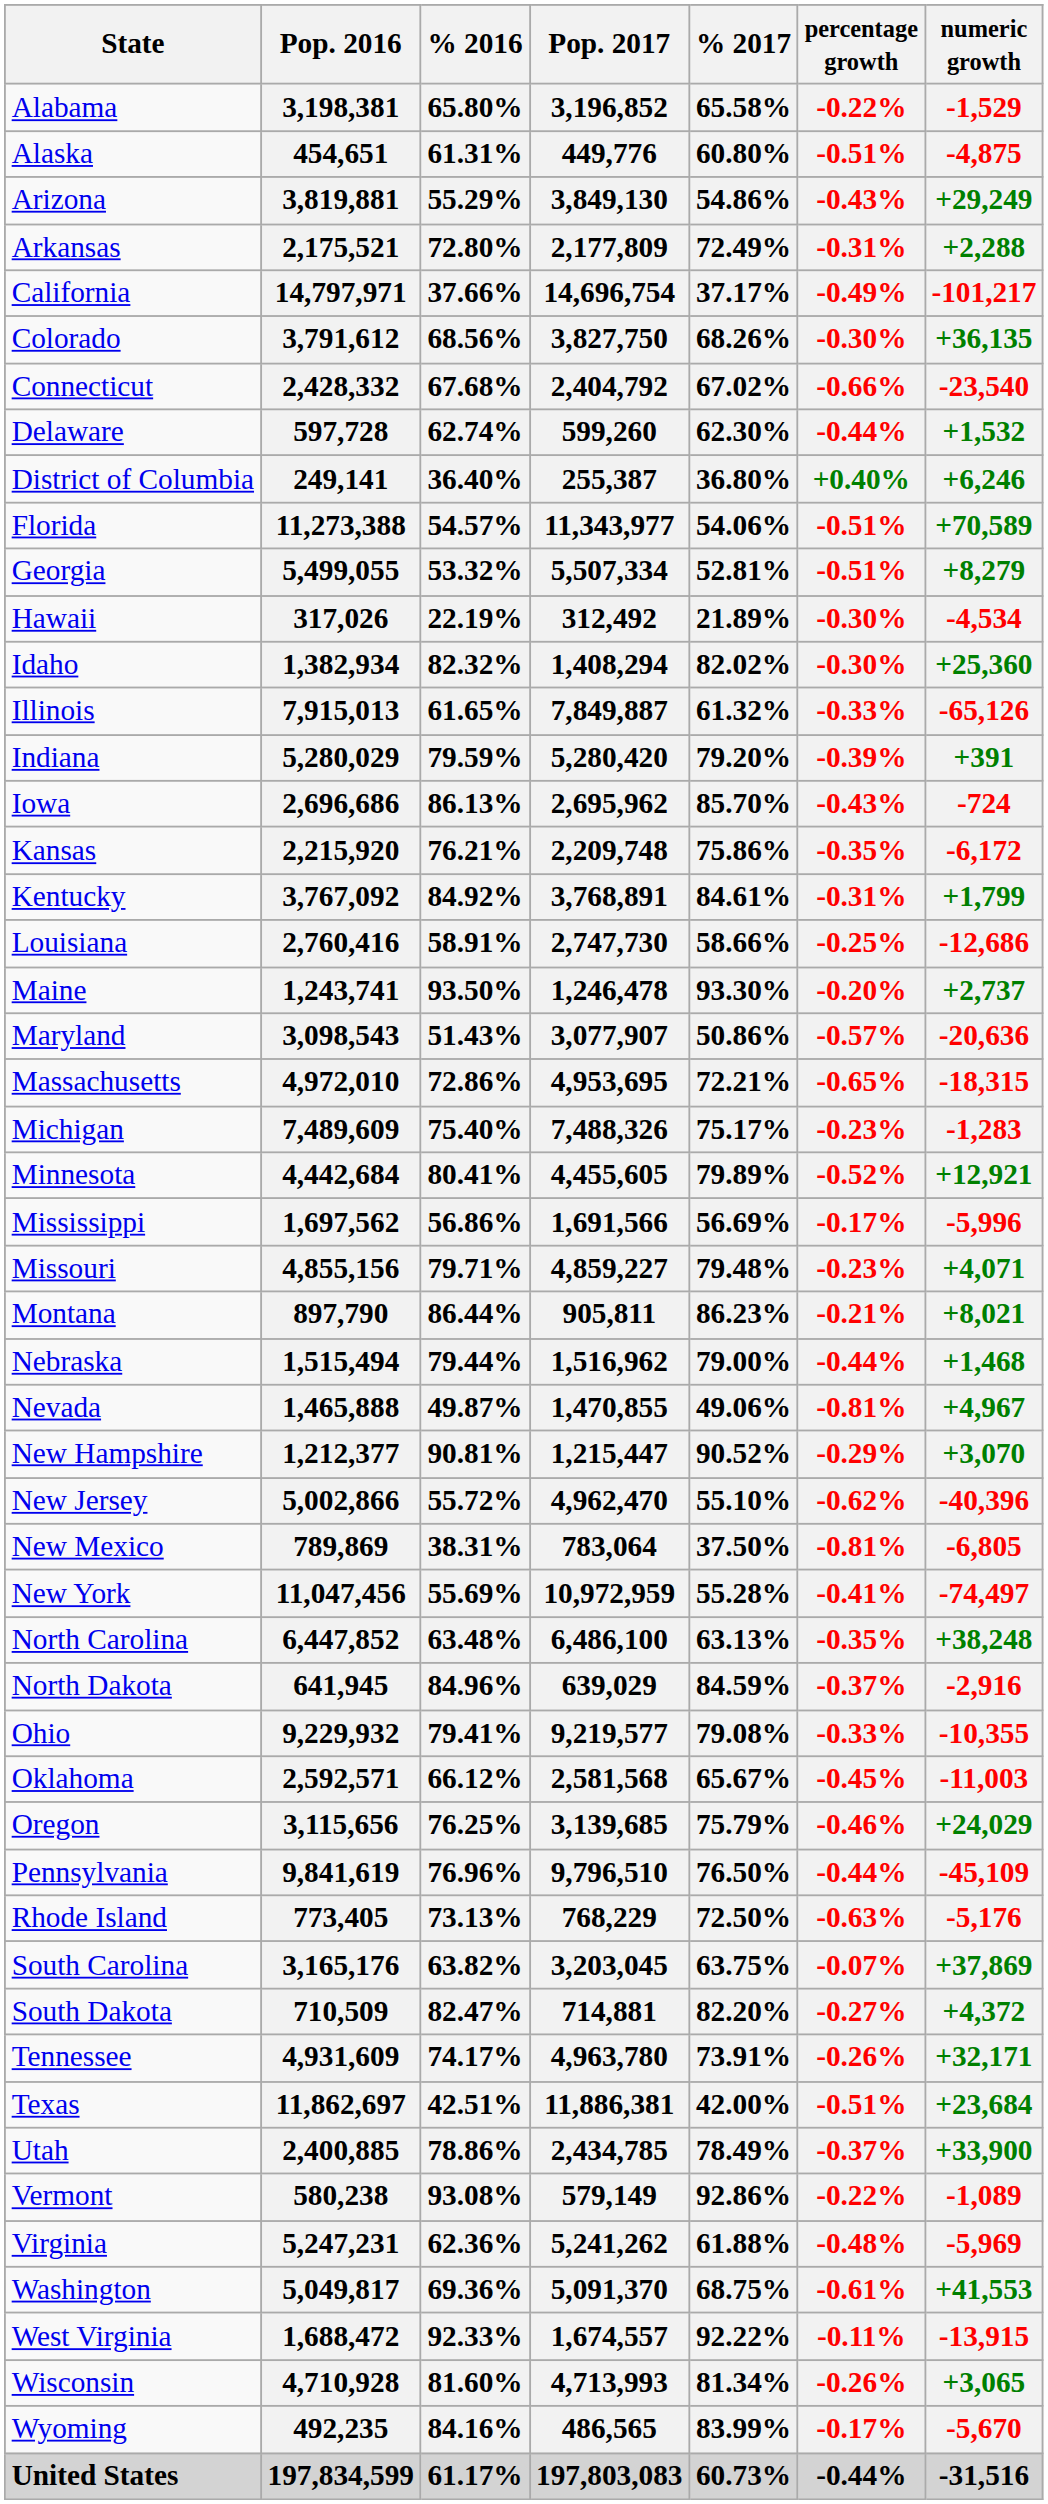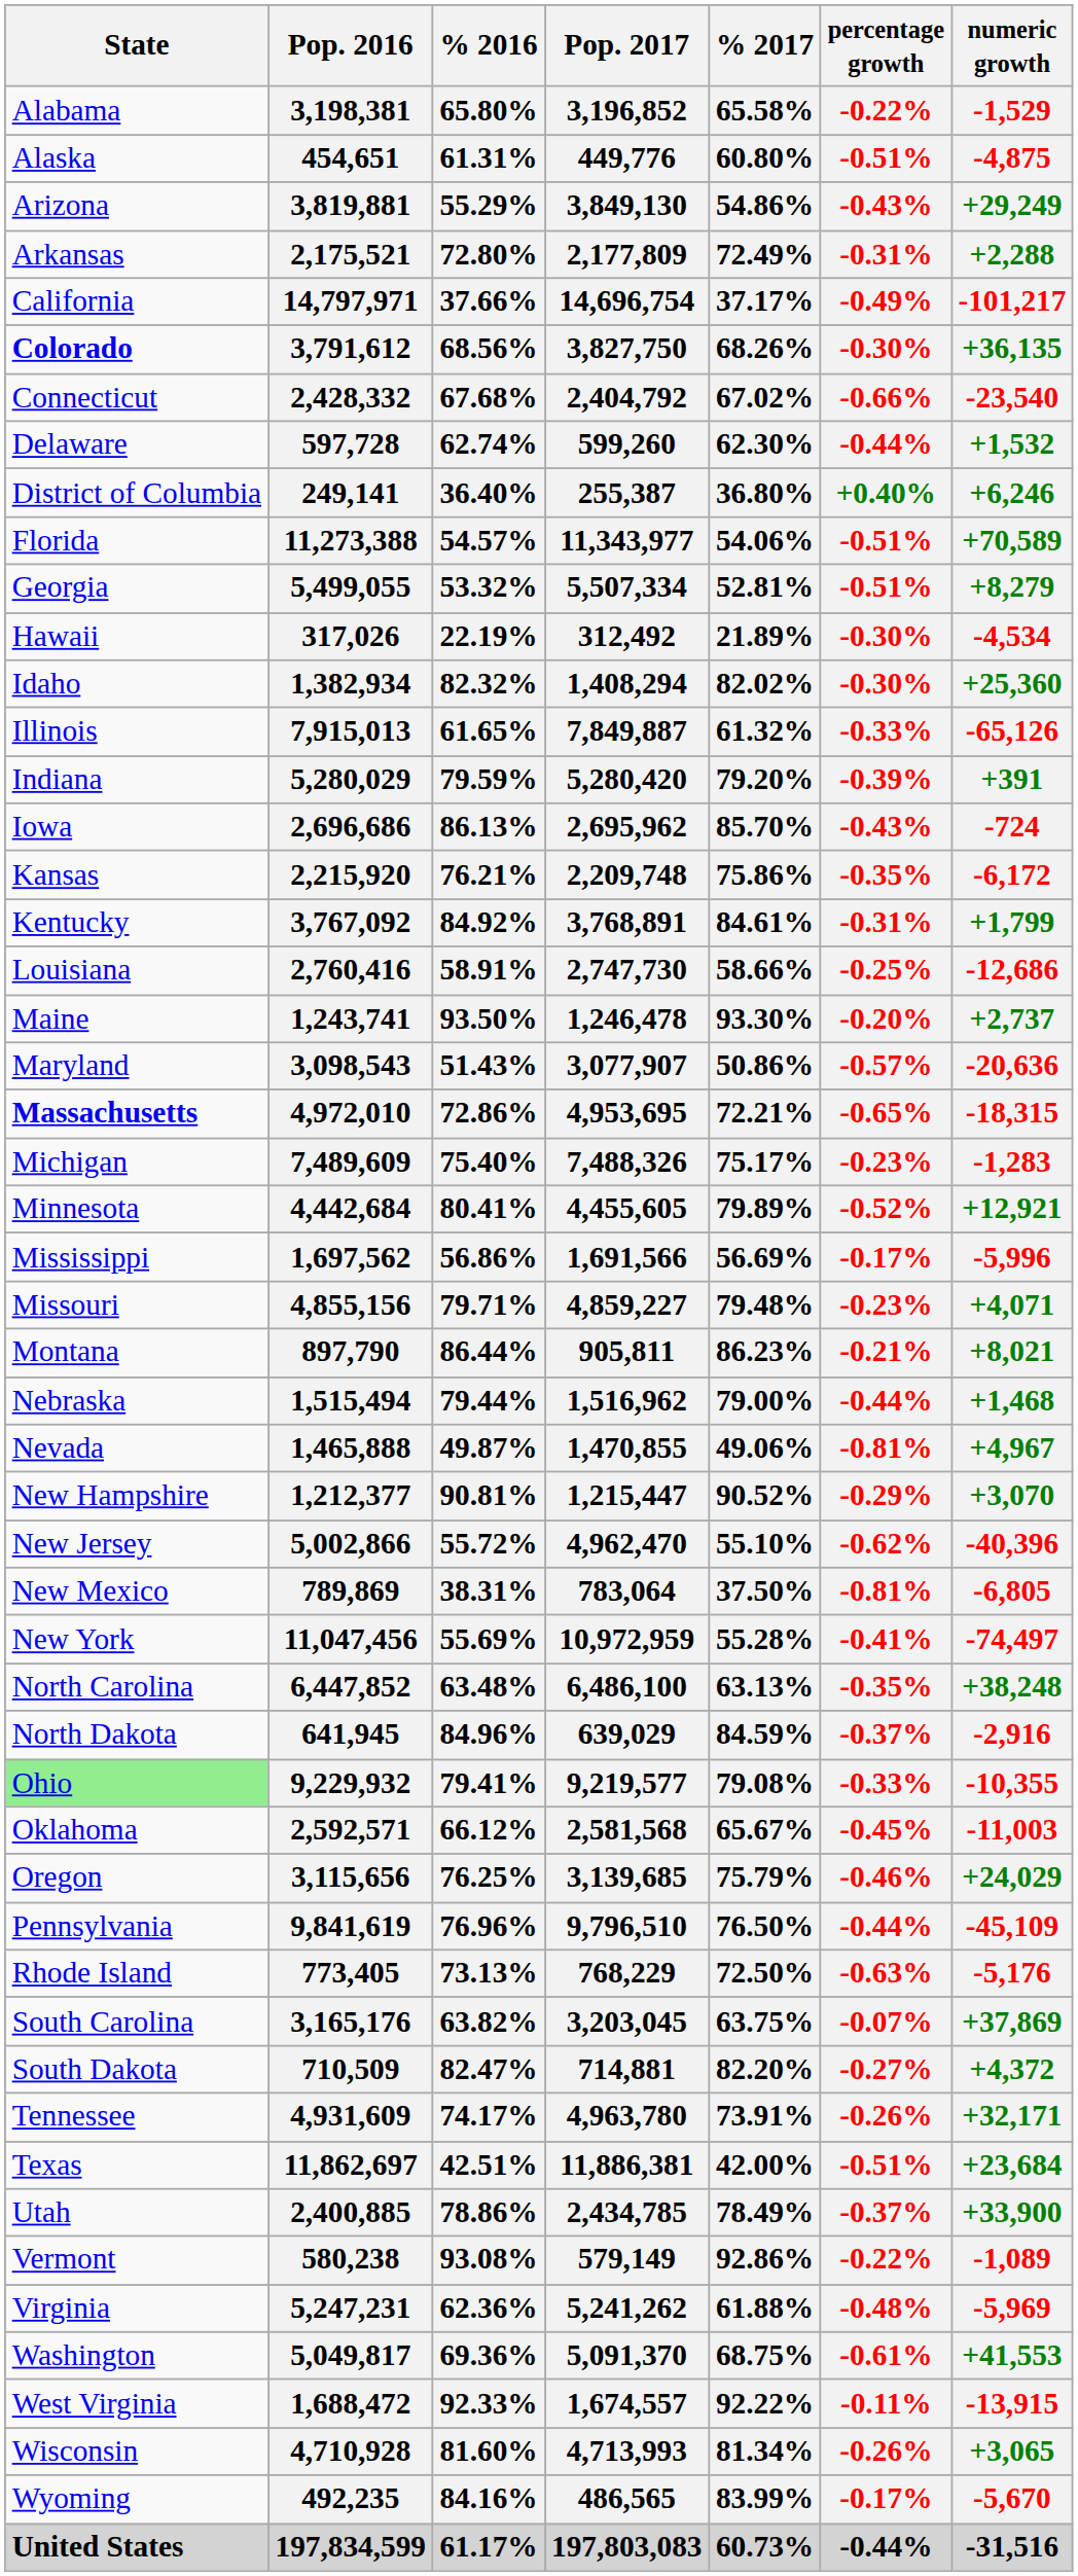 <table class="wikitable sortable mw-collapsible mw-collapsed font-size: 75%;">
 <tr>
 <th>State</th>
 <th>Pop. 2016</th>
 <th>% 2016</th>
 <th>Pop. 2017</th>
 <th>% 2017</th>
 <th><small>percentage<br>growth</small></th>
 <th><small>numeric<br>growth</small></th>
 </tr>
 <tr>
 <td>  <a href='#'>Alabama</a></td>
 <th>3,198,381</th>
 <th>65.80%</th>
 <th>3,196,852</th>
 <th>65.58%</th>
 <th style="color: red">-0.22%</th>
 <th style="color: red">-1,529</th>
 </tr>
 <tr>
 <td>  <a href='#'>Alaska</a></td>
 <th>454,651</th>
 <th>61.31%</th>
 <th>449,776</th>
 <th>60.80%</th>
 <th style="color: red">-0.51%</th>
 <th style="color: red">-4,875</th>
 </tr>
 <tr>
 <td> <a href='#'>Arizona</a></td>
 <th>3,819,881</th>
 <th>55.29%</th>
 <th>3,849,130</th>
 <th>54.86%</th>
 <th style="color: red">-0.43%</th>
 <th style="color: green">+29,249</th>
 </tr>
 <tr>
 <td>  <a href='#'>Arkansas</a></td>
 <th>2,175,521</th>
 <th>72.80%</th>
 <th>2,177,809</th>
 <th>72.49%</th>
 <th style="color: red">-0.31%</th>
 <th style="color: green">+2,288</th>
 </tr>
 <tr>
 <td> <a href='#'>California</a></td>
 <th>14,797,971</th>
 <th>37.66%</th>
 <th>14,696,754</th>
 <th>37.17%</th>
 <th style="color: red">-0.49%</th>
 <th style="color: red">-101,217</th>
 </tr>
 <tr>
-<td> <a href='#'>Colorado</a></td>
+<td><strong> <a href='#'>Colorado</a></strong></td>
 <th>3,791,612</th>
 <th>68.56%</th>
 <th>3,827,750</th>
 <th>68.26%</th>
 <th style="color: red">-0.30%</th>
 <th style="color: green">+36,135</th>
 </tr>
 <tr>
 <td>  <a href='#'>Connecticut</a></td>
 <th>2,428,332</th>
 <th>67.68%</th>
 <th>2,404,792</th>
 <th>67.02%</th>
 <th style="color: red">-0.66%</th>
 <th style="color: red">-23,540</th>
 </tr>
 <tr>
 <td>  <a href='#'>Delaware</a></td>
 <th>597,728</th>
 <th>62.74%</th>
 <th>599,260</th>
 <th>62.30%</th>
 <th style="color: red">-0.44%</th>
 <th style="color: green">+1,532</th>
 </tr>
 <tr>
 <td> <a href='#'>District of Columbia</a></td>
 <th>249,141</th>
 <th>36.40%</th>
 <th>255,387</th>
 <th>36.80%</th>
 <th style="color: green">+0.40%</th>
 <th style="color: green">+6,246</th>
 </tr>
 <tr>
 <td> <a href='#'>Florida</a></td>
 <th>11,273,388</th>
 <th>54.57%</th>
 <th>11,343,977</th>
 <th>54.06%</th>
 <th style="color: red">-0.51%</th>
 <th style="color: green">+70,589</th>
 </tr>
 <tr>
 <td> <a href='#'>Georgia</a></td>
 <th>5,499,055</th>
 <th>53.32%</th>
 <th>5,507,334</th>
 <th>52.81%</th>
 <th style="color: red">-0.51%</th>
 <th style="color: green">+8,279</th>
 </tr>
 <tr>
 <td>  <a href='#'>Hawaii</a></td>
 <th>317,026</th>
 <th>22.19%</th>
 <th>312,492</th>
 <th>21.89%</th>
 <th style="color: red">-0.30%</th>
 <th style="color: red">-4,534</th>
 </tr>
 <tr>
 <td>  <a href='#'>Idaho</a></td>
 <th>1,382,934</th>
 <th>82.32%</th>
 <th>1,408,294</th>
 <th>82.02%</th>
 <th style="color: red">-0.30%</th>
 <th style="color: green">+25,360</th>
 </tr>
 <tr>
 <td>  <a href='#'>Illinois</a></td>
 <th>7,915,013</th>
 <th>61.65%</th>
 <th>7,849,887</th>
 <th>61.32%</th>
 <th style="color: red">-0.33%</th>
 <th style="color: red">-65,126</th>
 </tr>
 <tr>
 <td>  <a href='#'>Indiana</a></td>
 <th>5,280,029</th>
 <th>79.59%</th>
 <th>5,280,420</th>
 <th>79.20%</th>
 <th style="color: red">-0.39%</th>
 <th style="color: green">+391</th>
 </tr>
 <tr>
 <td>  <a href='#'>Iowa</a></td>
 <th>2,696,686</th>
 <th>86.13%</th>
 <th>2,695,962</th>
 <th>85.70%</th>
 <th style="color: red">-0.43%</th>
 <th style="color: red">-724</th>
 </tr>
 <tr>
 <td>  <a href='#'>Kansas</a></td>
 <th>2,215,920</th>
 <th>76.21%</th>
 <th>2,209,748</th>
 <th>75.86%</th>
 <th style="color: red">-0.35%</th>
 <th style="color: red">-6,172</th>
 </tr>
 <tr>
 <td>  <a href='#'>Kentucky</a></td>
 <th>3,767,092</th>
 <th>84.92%</th>
 <th>3,768,891</th>
 <th>84.61%</th>
 <th style="color: red">-0.31%</th>
 <th style="color: green">+1,799</th>
 </tr>
 <tr>
 <td>  <a href='#'>Louisiana</a></td>
 <th>2,760,416</th>
 <th>58.91%</th>
 <th>2,747,730</th>
 <th>58.66%</th>
 <th style="color: red">-0.25%</th>
 <th style="color: red">-12,686</th>
 </tr>
 <tr>
 <td>  <a href='#'>Maine</a></td>
 <th>1,243,741</th>
 <th>93.50%</th>
 <th>1,246,478</th>
 <th>93.30%</th>
 <th style="color: red">-0.20%</th>
 <th style="color: green">+2,737</th>
 </tr>
 <tr>
 <td>  <a href='#'>Maryland</a></td>
 <th>3,098,543</th>
 <th>51.43%</th>
 <th>3,077,907</th>
 <th>50.86%</th>
 <th style="color: red">-0.57%</th>
 <th style="color: red">-20,636</th>
 </tr>
 <tr>
-<td>  <a href='#'>Massachusetts</a></td>
+<td><strong>  <a href='#'>Massachusetts</a></strong></td>
 <th>4,972,010</th>
 <th>72.86%</th>
 <th>4,953,695</th>
 <th>72.21%</th>
 <th style="color: red">-0.65%</th>
 <th style="color: red">-18,315</th>
 </tr>
 <tr>
 <td>  <a href='#'>Michigan</a></td>
 <th>7,489,609</th>
 <th>75.40%</th>
 <th>7,488,326</th>
 <th>75.17%</th>
 <th style="color: red">-0.23%</th>
 <th style="color: red">-1,283</th>
 </tr>
 <tr>
 <td>  <a href='#'>Minnesota</a></td>
 <th>4,442,684</th>
 <th>80.41%</th>
 <th>4,455,605</th>
 <th>79.89%</th>
 <th style="color: red">-0.52%</th>
 <th style="color: green">+12,921</th>
 </tr>
 <tr>
 <td>  <a href='#'>Mississippi</a></td>
 <th>1,697,562</th>
 <th>56.86%</th>
 <th>1,691,566</th>
 <th>56.69%</th>
 <th style="color: red">-0.17%</th>
 <th style="color: red">-5,996</th>
 </tr>
 <tr>
 <td>  <a href='#'>Missouri</a></td>
 <th>4,855,156</th>
 <th>79.71%</th>
 <th>4,859,227</th>
 <th>79.48%</th>
 <th style="color: red">-0.23%</th>
 <th style="color: green">+4,071</th>
 </tr>
 <tr>
 <td>  <a href='#'>Montana</a></td>
 <th>897,790</th>
 <th>86.44%</th>
 <th>905,811</th>
 <th>86.23%</th>
 <th style="color: red">-0.21%</th>
 <th style="color: green">+8,021</th>
 </tr>
 <tr>
 <td>  <a href='#'>Nebraska</a></td>
 <th>1,515,494</th>
 <th>79.44%</th>
 <th>1,516,962</th>
 <th>79.00%</th>
 <th style="color: red">-0.44%</th>
 <th style="color: green">+1,468</th>
 </tr>
 <tr>
 <td> <a href='#'>Nevada</a></td>
 <th>1,465,888</th>
 <th>49.87%</th>
 <th>1,470,855</th>
 <th>49.06%</th>
 <th style="color: red">-0.81%</th>
 <th style="color: green">+4,967</th>
 </tr>
 <tr>
 <td>  <a href='#'>New Hampshire</a></td>
 <th>1,212,377</th>
 <th>90.81%</th>
 <th>1,215,447</th>
 <th>90.52%</th>
 <th style="color: red">-0.29%</th>
 <th style="color: green">+3,070</th>
 </tr>
 <tr>
 <td>  <a href='#'>New Jersey</a></td>
 <th>5,002,866</th>
 <th>55.72%</th>
 <th>4,962,470</th>
 <th>55.10%</th>
 <th style="color: red">-0.62%</th>
 <th style="color: red">-40,396</th>
 </tr>
 <tr>
 <td> <a href='#'>New Mexico</a></td>
 <th>789,869</th>
 <th>38.31%</th>
 <th>783,064</th>
 <th>37.50%</th>
 <th style="color: red">-0.81%</th>
 <th style="color: red">-6,805</th>
 </tr>
 <tr>
 <td>  <a href='#'>New York</a></td>
 <th>11,047,456</th>
 <th>55.69%</th>
 <th>10,972,959</th>
 <th>55.28%</th>
 <th style="color: red">-0.41%</th>
 <th style="color: red">-74,497</th>
 </tr>
 <tr>
 <td>  <a href='#'>North Carolina</a></td>
 <th>6,447,852</th>
 <th>63.48%</th>
 <th>6,486,100</th>
 <th>63.13%</th>
 <th style="color: red">-0.35%</th>
 <th style="color: green">+38,248</th>
 </tr>
 <tr>
 <td>  <a href='#'>North Dakota</a></td>
 <th>641,945</th>
 <th>84.96%</th>
 <th>639,029</th>
 <th>84.59%</th>
 <th style="color: red">-0.37%</th>
 <th style="color: red">-2,916</th>
 </tr>
 <tr>
-<td>  <a href='#'>Ohio</a></td>
+<td style="background: lightgreen;">  <a href='#'>Ohio</a></td>
 <th>9,229,932</th>
 <th>79.41%</th>
 <th>9,219,577</th>
 <th>79.08%</th>
 <th style="color: red">-0.33%</th>
 <th style="color: red">-10,355</th>
 </tr>
 <tr>
 <td>  <a href='#'>Oklahoma</a></td>
 <th>2,592,571</th>
 <th>66.12%</th>
 <th>2,581,568</th>
 <th>65.67%</th>
 <th style="color: red">-0.45%</th>
 <th style="color: red">-11,003</th>
 </tr>
 <tr>
 <td>  <a href='#'>Oregon</a></td>
 <th>3,115,656</th>
 <th>76.25%</th>
 <th>3,139,685</th>
 <th>75.79%</th>
 <th style="color: red">-0.46%</th>
 <th style="color: green">+24,029</th>
 </tr>
 <tr>
 <td>  <a href='#'>Pennsylvania</a></td>
 <th>9,841,619</th>
 <th>76.96%</th>
 <th>9,796,510</th>
 <th>76.50%</th>
 <th style="color: red">-0.44%</th>
 <th style="color: red">-45,109</th>
 </tr>
 <tr>
 <td>  <a href='#'>Rhode Island</a></td>
 <th>773,405</th>
 <th>73.13%</th>
 <th>768,229</th>
 <th>72.50%</th>
 <th style="color: red">-0.63%</th>
 <th style="color: red">-5,176</th>
 </tr>
 <tr>
 <td>  <a href='#'>South Carolina</a></td>
 <th>3,165,176</th>
 <th>63.82%</th>
 <th>3,203,045</th>
 <th>63.75%</th>
 <th style="color: red">-0.07%</th>
 <th style="color: green">+37,869</th>
 </tr>
 <tr>
 <td>  <a href='#'>South Dakota</a></td>
 <th>710,509</th>
 <th>82.47%</th>
 <th>714,881</th>
 <th>82.20%</th>
 <th style="color: red">-0.27%</th>
 <th style="color: green">+4,372</th>
 </tr>
 <tr>
 <td>  <a href='#'>Tennessee</a></td>
 <th>4,931,609</th>
 <th>74.17%</th>
 <th>4,963,780</th>
 <th>73.91%</th>
 <th style="color: red">-0.26%</th>
 <th style="color: green">+32,171</th>
 </tr>
 <tr>
 <td> <a href='#'>Texas</a></td>
 <th>11,862,697</th>
 <th>42.51%</th>
 <th>11,886,381</th>
 <th>42.00%</th>
 <th style="color: red">-0.51%</th>
 <th style="color: green">+23,684</th>
 </tr>
 <tr>
 <td>  <a href='#'>Utah</a></td>
 <th>2,400,885</th>
 <th>78.86%</th>
 <th>2,434,785</th>
 <th>78.49%</th>
 <th style="color: red">-0.37%</th>
 <th style="color: green">+33,900</th>
 </tr>
 <tr>
 <td>  <a href='#'>Vermont</a></td>
 <th>580,238</th>
 <th>93.08%</th>
 <th>579,149</th>
 <th>92.86%</th>
 <th style="color: red">-0.22%</th>
 <th style="color: red">-1,089</th>
 </tr>
 <tr>
 <td>  <a href='#'>Virginia</a></td>
 <th>5,247,231</th>
 <th>62.36%</th>
 <th>5,241,262</th>
 <th>61.88%</th>
 <th style="color: red">-0.48%</th>
 <th style="color: red">-5,969</th>
 </tr>
 <tr>
 <td>  <a href='#'>Washington</a></td>
 <th>5,049,817</th>
 <th>69.36%</th>
 <th>5,091,370</th>
 <th>68.75%</th>
 <th style="color: red">-0.61%</th>
 <th style="color: green">+41,553</th>
 </tr>
 <tr>
 <td>  <a href='#'>West Virginia</a></td>
 <th>1,688,472</th>
 <th>92.33%</th>
 <th>1,674,557</th>
 <th>92.22%</th>
 <th style="color: red">-0.11%</th>
 <th style="color: red">-13,915</th>
 </tr>
 <tr>
 <td>  <a href='#'>Wisconsin</a></td>
 <th>4,710,928</th>
 <th>81.60%</th>
 <th>4,713,993</th>
 <th>81.34%</th>
 <th style="color: red">-0.26%</th>
 <th style="color: green">+3,065</th>
 </tr>
 <tr>
 <td>  <a href='#'>Wyoming</a></td>
 <th>492,235</th>
 <th>84.16%</th>
 <th>486,565</th>
 <th>83.99%</th>
 <th style="color: red">-0.17%</th>
 <th style="color: red">-5,670</th>
 </tr>
 <tr class="sortbottom" style="background: lightgrey;">
 <td> <strong>United States</strong></td>
 <td style="text-align:center;"><strong>197,834,599</strong></td>
 <td style="text-align:center;"><strong>61.17%</strong></td>
 <td style="text-align:center;"><strong>197,803,083</strong></td>
 <td style="text-align:center;"><strong>60.73%</strong></td>
 <td style="text-align:center;"><span><strong>-0.44%</strong></span></td>
 <td style="text-align:center;"><span><strong>-31,516</strong></span></td>
 </tr>
 </table>
